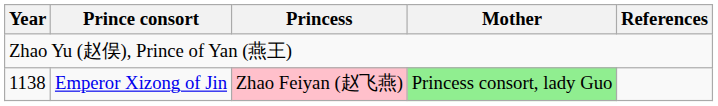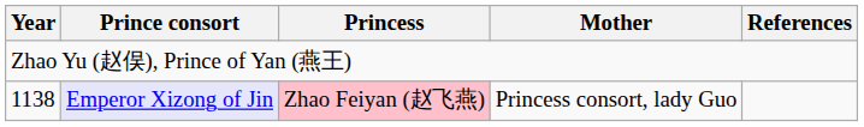 <table class="wikitable">
 <tr>
 <th>Year</th>
 <th>Prince consort</th>
 <th>Princess</th>
 <th>Mother</th>
 <th>References</th>
 </tr>
 <tr>
 <td colspan="5">Zhao Yu (赵俣), Prince of Yan (燕王)</td>
 </tr>
 <tr>
 <td>1138</td>
-<td><a href='#'>Emperor Xizong of Jin</a></td>
+<td style="background: lavender;"><a href='#'>Emperor Xizong of Jin</a></td>
 <td style="background: pink;">Zhao Feiyan (赵飞燕)</td>
-<td style="background: lightgreen;">Princess consort, lady Guo</td>
+<td>Princess consort, lady Guo</td>
 <td></td>
 </tr>
 </table>
